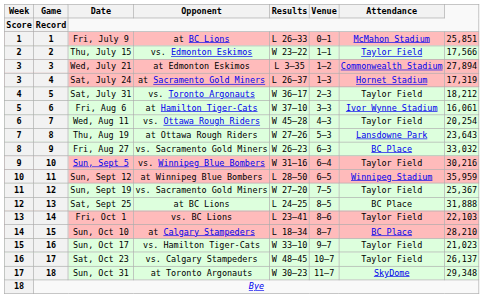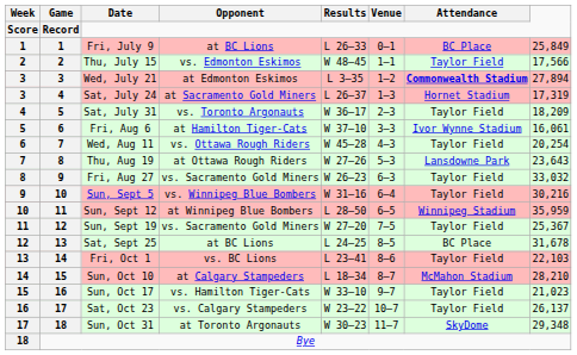 <table class="wikitable" style="text-align:center">
 <tr>
 <th>Week</th>
 <th>Game</th>
 <th>Date</th>
 <th>Opponent</th>
 <th>Results</th>
 <th>Venue</th>
 <th>Attendance</th>
 </tr>
 <tr>
 <th>Score</th>
 <th>Record</th>
 </tr>
 <tr style="background:#ffbbbb">
 <th>1</th>
 <th>1</th>
 <td>Fri, July 9</td>
 <td>at <a href='#'>BC Lions</a></td>
 <td>L 26–33 </td>
 <td>0–1</td>
-<td><a href='#'>McMahon Stadium</a></td>
-<td>25,851</td>
+<td><a href='#'>BC Place</a></td>
+<td>25,849</td>
 </tr>
 <tr style="background:#ddffdd">
 <th>2</th>
 <th>2</th>
 <td>Thu, July 15</td>
 <td>vs. <a href='#'>Edmonton Eskimos</a></td>
-<td>W 23–22</td>
+<td>W 48–45</td>
 <td>1–1</td>
 <td><a href='#'>Taylor Field</a></td>
 <td>17,566</td>
 </tr>
 <tr style="background:#ffbbbb">
 <th>3</th>
 <th>3</th>
 <td>Wed, July 21</td>
 <td>at Edmonton Eskimos</td>
 <td>L 3–35</td>
 <td>1–2</td>
-<td><a href='#'>Commonwealth Stadium</a></td>
+<td><strong><a href='#'>Commonwealth Stadium</a></strong></td>
 <td>27,894</td>
 </tr>
 <tr style="background:#ffbbbb">
 <th>3</th>
 <th>4</th>
 <td>Sat, July 24</td>
 <td>at <a href='#'>Sacramento Gold Miners</a></td>
 <td>L 26–37</td>
 <td>1–3</td>
 <td><a href='#'>Hornet Stadium</a></td>
 <td>17,319</td>
 </tr>
 <tr style="background:#ddffdd">
 <th>4</th>
 <th>5</th>
 <td>Sat, July 31</td>
 <td>vs. <a href='#'>Toronto Argonauts</a></td>
 <td>W 36–17</td>
 <td>2–3</td>
 <td>Taylor Field</td>
-<td>18,212</td>
+<td>18,209</td>
 </tr>
 <tr style="background:#ddffdd">
 <th>5</th>
 <th>6</th>
 <td>Fri, Aug 6</td>
 <td>at <a href='#'>Hamilton Tiger-Cats</a></td>
 <td>W 37–10</td>
 <td>3–3</td>
 <td><a href='#'>Ivor Wynne Stadium</a></td>
 <td>16,061</td>
 </tr>
 <tr style="background:#ddffdd">
 <th>6</th>
 <th>7</th>
 <td>Wed, Aug 11</td>
 <td>vs. <a href='#'>Ottawa Rough Riders</a></td>
 <td>W 45–28</td>
 <td>4–3</td>
 <td>Taylor Field</td>
 <td>20,254</td>
 </tr>
 <tr style="background:#ddffdd">
 <th>7</th>
 <th>8</th>
 <td>Thu, Aug 19</td>
 <td>at Ottawa Rough Riders</td>
 <td>W 27–26</td>
 <td>5–3</td>
 <td><a href='#'>Lansdowne Park</a></td>
 <td>23,643</td>
 </tr>
 <tr style="background:#ddffdd">
 <th>8</th>
 <th>9</th>
 <td>Fri, Aug 27</td>
 <td>vs. Sacramento Gold Miners</td>
 <td>W 26–23</td>
 <td>6–3</td>
-<td><a href='#'>BC Place</a></td>
+<td>Taylor Field</td>
 <td>33,032</td>
 </tr>
 <tr style="background:#ffbbbb">
 <th>9</th>
 <th>10</th>
 <td><a href='#'>Sun, Sept 5</a></td>
 <td>vs. <a href='#'>Winnipeg Blue Bombers</a></td>
 <td>W 31–16</td>
 <td>6–4</td>
 <td>Taylor Field</td>
 <td>30,216</td>
 </tr>
 <tr style="background:#ffbbbb">
 <th>10</th>
 <th>11</th>
 <td>Sun, Sept 12</td>
 <td>at Winnipeg Blue Bombers</td>
 <td>L 28–50</td>
 <td>6–5</td>
 <td><a href='#'>Winnipeg Stadium</a></td>
 <td>35,959</td>
 </tr>
 <tr style="background:#ddffdd">
 <th>11</th>
 <th>12</th>
 <td>Sun, Sept 19</td>
 <td>vs. Sacramento Gold Miners</td>
 <td>W 27–20</td>
 <td>7–5</td>
 <td>Taylor Field</td>
 <td>25,367</td>
 </tr>
 <tr style="background:#ddffdd">
 <th>12</th>
 <th>13</th>
 <td>Sat, Sept 25</td>
 <td>at BC Lions</td>
 <td>L 24–25</td>
 <td>8–5</td>
 <td>BC Place</td>
-<td>31,888</td>
+<td>31,678</td>
 </tr>
 <tr style="background:#ffbbbb">
 <th>13</th>
 <th>14</th>
 <td>Fri, Oct 1</td>
 <td>vs. BC Lions</td>
 <td>L 23–41</td>
 <td>8–6</td>
 <td>Taylor Field</td>
 <td>22,103</td>
 </tr>
 <tr style="background:#ffbbbb">
 <th>14</th>
 <th>15</th>
 <td>Sun, Oct 10</td>
 <td>at <a href='#'>Calgary Stampeders</a></td>
 <td>L 18–34</td>
 <td>8–7</td>
-<td><a href='#'>BC Place</a></td>
+<td><a href='#'>McMahon Stadium</a></td>
 <td>28,210</td>
 </tr>
 <tr style="background:#ddffdd">
 <th>15</th>
 <th>16</th>
 <td>Sun, Oct 17</td>
 <td>vs. Hamilton Tiger-Cats</td>
 <td>W 33–10</td>
 <td>9–7</td>
 <td>Taylor Field</td>
 <td>21,023</td>
 </tr>
 <tr style="background:#ddffdd">
 <th>16</th>
 <th>17</th>
 <td>Sat, Oct 23</td>
 <td>vs. Calgary Stampeders</td>
-<td>W 48–45</td>
+<td>W 23–22</td>
 <td>10–7</td>
 <td>Taylor Field</td>
 <td>26,137</td>
 </tr>
 <tr style="background:#ddffdd">
 <th>17</th>
 <th>18</th>
 <td>Sun, Oct 31</td>
 <td>at Toronto Argonauts</td>
 <td>W 30–23</td>
 <td>11–7</td>
 <td><a href='#'>SkyDome</a></td>
 <td>29,348</td>
 </tr>
 <tr>
 <th>18</th>
 <td colspan=7><em><a href='#'>Bye</a></em></td>
 </tr>
 </table>
